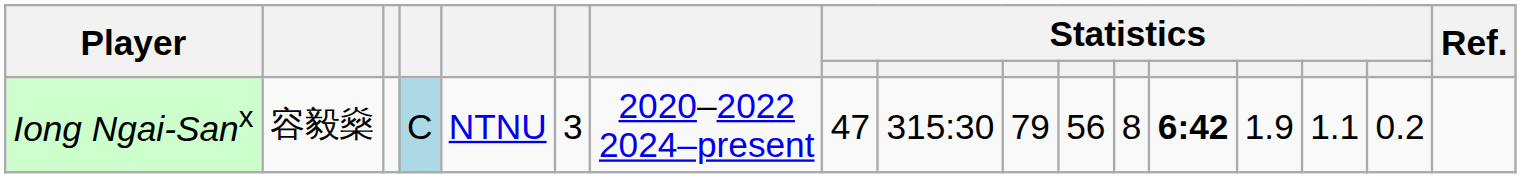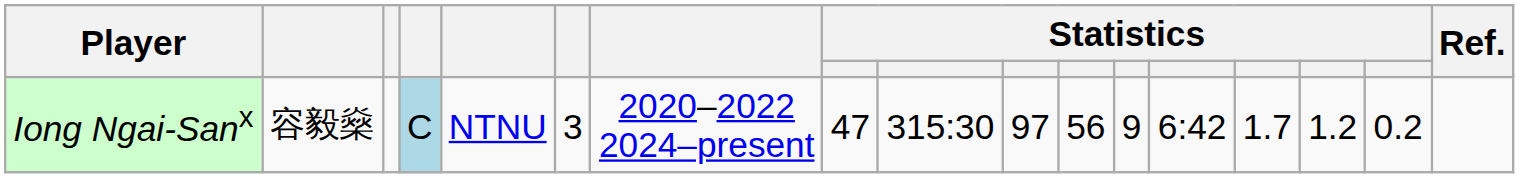 <table class="wikitable sortable" style="font-size:95%; text-align:right;">
 <tr>
 <th rowspan="2">Player</th>
 <th rowspan="2"></th>
 <th rowspan="2"></th>
 <th rowspan="2"></th>
 <th rowspan="2"></th>
 <th rowspan="2"></th>
 <th rowspan="2"></th>
 <th colspan="9">Statistics</th>
 <th rowspan="2">Ref.</th>
 </tr>
 <tr>
 <th></th>
 <th></th>
 <th></th>
 <th></th>
 <th></th>
 <th></th>
 <th></th>
 <th></th>
 <th></th>
 </tr>
 <tr>
 <td align="left" bgcolor="#CCFFCC"><em>Iong Ngai-San</em><sup>x</sup></td>
 <td align="left">容毅燊</td>
 <td align="center"></td>
 <td align="center" style="background: lightblue;">C</td>
 <td align="left"><a href='#'>NTNU</a></td>
 <td align="center">3</td>
 <td align="center"><a href='#'>2020</a>–<a href='#'>2022</a><br><a href='#'>2024–present</a></td>
 <td>47</td>
 <td>315:30</td>
-<td>79</td>
+<td>97</td>
 <td>56</td>
-<td>8</td>
-<td><strong>6:42</strong></td>
-<td>1.9</td>
-<td>1.1</td>
+<td>9</td>
+<td>6:42</td>
+<td>1.7</td>
+<td>1.2</td>
 <td>0.2</td>
 <td align="center"></td>
 </tr>
 </table>
